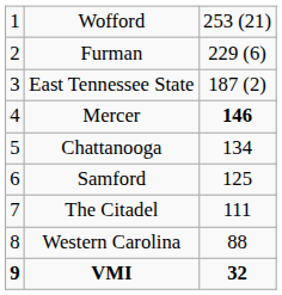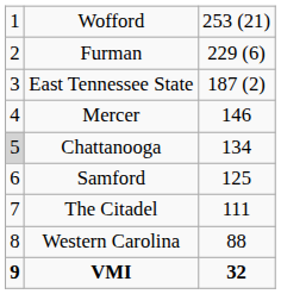 <table class="wikitable" style="display: inline-table;">
 <tr align="center">
 <td>1</td>
 <td>Wofford</td>
 <td>253 (21)</td>
 </tr>
 <tr align="center">
 <td>2</td>
 <td>Furman</td>
 <td>229 (6)</td>
 </tr>
 <tr align="center">
 <td>3</td>
 <td>East Tennessee State</td>
 <td>187 (2)</td>
 </tr>
 <tr align="center">
 <td>4</td>
 <td>Mercer</td>
-<td><strong>146</strong></td>
+<td>146</td>
 </tr>
 <tr align="center">
-<td>5</td>
+<td style="background: lightgrey;">5</td>
 <td>Chattanooga</td>
 <td>134</td>
 </tr>
 <tr align="center">
 <td>6</td>
 <td>Samford</td>
 <td>125</td>
 </tr>
 <tr align="center">
 <td>7</td>
 <td>The Citadel</td>
 <td>111</td>
 </tr>
 <tr align="center">
 <td>8</td>
 <td>Western Carolina</td>
 <td>88</td>
 </tr>
 <tr align="center">
 <td><strong>9</strong></td>
 <td><strong>VMI</strong></td>
 <td><strong>32</strong></td>
 </tr>
 </table>
